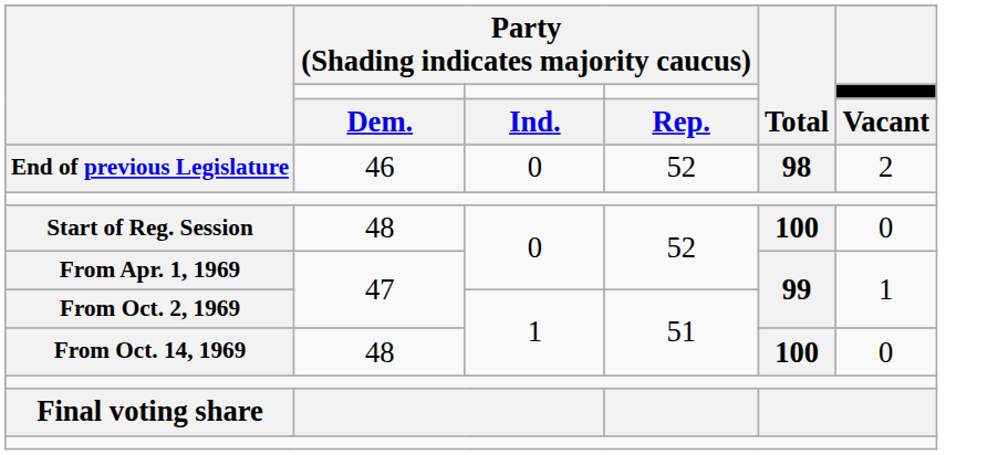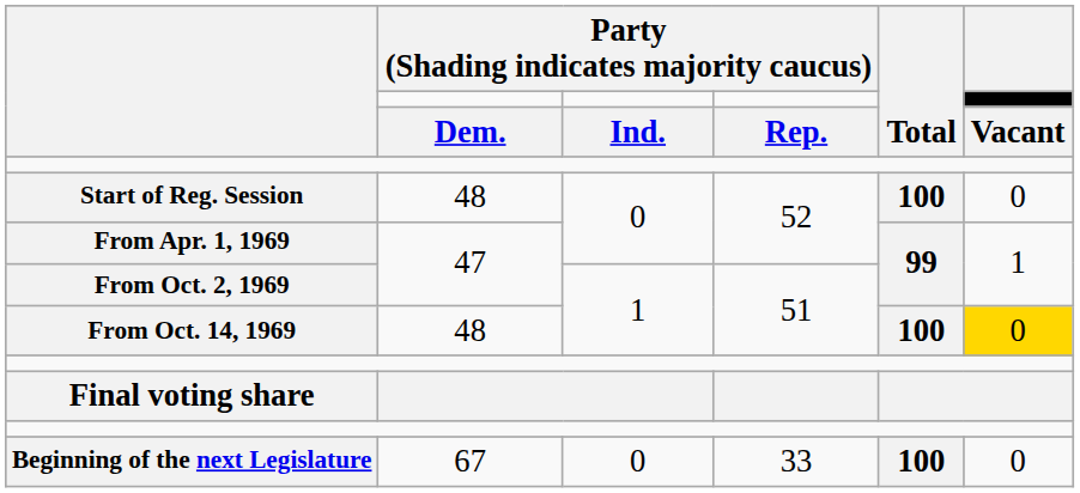 <table class=wikitable style="text-align:center">
 <tr style="vertical-align:bottom;">
 <th rowspan=3></th>
 <th colspan=3>Party <div>(Shading indicates majority caucus)</div></th>
 <th rowspan=3>Total</th>
 <th></th>
 </tr>
 <tr style="height:5px">
 <td style="background-color:"></td>
 <td style="background-color:"></td>
 <td style="background-color:"></td>
 <td style="background:black;"></td>
 </tr>
 <tr>
 <th><a href='#'>Dem.</a></th>
 <th><a href='#'>Ind.</a></th>
 <th><a href='#'>Rep.</a></th>
 <th>Vacant</th>
-</tr>
-<tr>
-<th style="font-size:80%;">End of <a href='#'>previous Legislature</a></th>
-<td>46</td>
-<td>0</td>
-<td>52</td>
-<th>98</th>
-<td>2</td>
 </tr>
 <tr>
 <td colspan=6></td>
 </tr>
 <tr>
 <th style="font-size:80%;">Start of Reg. Session</th>
 <td>48</td>
 <td rowspan="2">0</td>
 <td rowspan="2" >52</td>
 <th>100</th>
 <td>0</td>
 </tr>
 <tr>
 <th style="font-size:80%;">From Apr. 1, 1969</th>
 <td rowspan="2">47</td>
 <th rowspan="2">99</th>
 <td rowspan="2">1</td>
 </tr>
 <tr>
 <th style="font-size:80%;">From Oct. 2, 1969</th>
 <td rowspan="2">1</td>
 <td rowspan="2" >51</td>
 </tr>
 <tr>
 <th style="font-size:80%;">From Oct. 14, 1969</th>
 <td>48</td>
 <th>100</th>
-<td>0</td>
+<td style="background: gold;">0</td>
 </tr>
 <tr>
 <td colspan=6></td>
 </tr>
 <tr>
 <th>Final voting share</th>
 <th colspan="2"></th>
 <th></th>
 <th colspan=2></th>
 </tr>
 <tr>
 <td colspan=6></td>
 </tr>
+<tr>
+<th style="font-size:80%;">Beginning of the <a href='#'>next Legislature</a></th>
+<td>67</td>
+<td>0</td>
+<td>33</td>
+<th>100</th>
+<td>0</td>
+</tr>
 </table>
